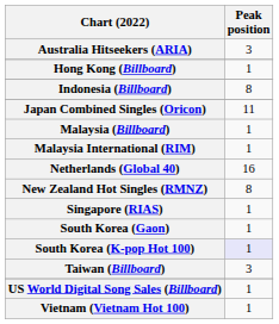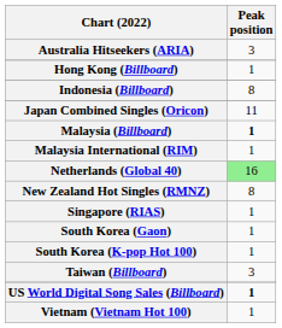 <table class="wikitable sortable plainrowheaders" style="text-align:center">
 <tr>
 <th scope="col">Chart (2022)</th>
 <th scope="col">Peak<br>position</th>
 </tr>
 <tr>
 <th scope="row">Australia Hitseekers (<a href='#'>ARIA</a>)</th>
 <td>3</td>
 </tr>
 <tr>
 </tr>
 <tr>
 </tr>
 <tr>
 <th scope="row">Hong Kong (<em><a href='#'>Billboard</a></em>)</th>
 <td>1</td>
 </tr>
 <tr>
 </tr>
 <tr>
 <th scope="row">Indonesia (<em><a href='#'>Billboard</a></em>)</th>
 <td>8</td>
 </tr>
 <tr>
 </tr>
 <tr>
 <th scope="row">Japan Combined Singles (<a href='#'>Oricon</a>)</th>
 <td>11</td>
 </tr>
 <tr>
 <th scope="row">Malaysia (<em><a href='#'>Billboard</a></em>)</th>
-<td>1</td>
+<td><strong>1</strong></td>
 </tr>
 <tr>
 <th scope="row">Malaysia International (<a href='#'>RIM</a>)</th>
 <td>1</td>
 </tr>
 <tr>
 <th scope="row">Netherlands (<a href='#'>Global 40</a>)</th>
-<td>16</td>
+<td style="background: lightgreen;">16</td>
 </tr>
 <tr>
 <th scope="row">New Zealand Hot Singles (<a href='#'>RMNZ</a>)</th>
 <td>8</td>
 </tr>
 <tr>
 <th scope="row">Singapore (<a href='#'>RIAS</a>)</th>
 <td>1</td>
 </tr>
 <tr>
 <th scope="row">South Korea (<a href='#'>Gaon</a>)</th>
 <td>1</td>
 </tr>
 <tr>
 <th scope="row">South Korea (<a href='#'>K-pop Hot 100</a>)</th>
-<td style="background: lavender;">1</td>
+<td>1</td>
 </tr>
 <tr>
 <th scope="row">Taiwan (<em><a href='#'>Billboard</a></em>)</th>
 <td>3</td>
 </tr>
 <tr>
 </tr>
 <tr>
 </tr>
 <tr>
 <th scope="row">US <a href='#'>World Digital Song Sales</a> (<em><a href='#'>Billboard</a></em>)</th>
-<td>1</td>
+<td><strong>1</strong></td>
 </tr>
 <tr>
 <th scope="row">Vietnam (<a href='#'>Vietnam Hot 100</a>)</th>
 <td>1</td>
 </tr>
 </table>
